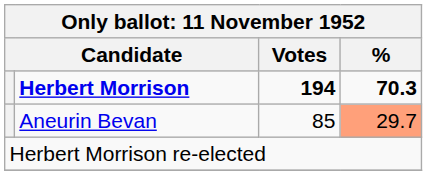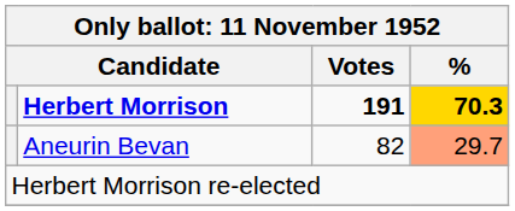 <table class=wikitable style="font-size:95%;">
 <tr>
 <th colspan="4">Only ballot: 11 November 1952</th>
 </tr>
 <tr>
 <th colspan="2" style="width: 170px">Candidate</th>
 <th style="width: 52px">Votes</th>
 <th style="width: 52px">%</th>
 </tr>
 <tr>
 <th style="background-color: "></th>
 <td style="width: 170px"><strong><a href='#'>Herbert Morrison</a></strong></td>
-<td align="right"><strong>194</strong></td>
-<td align="right"><strong>70.3</strong></td>
+<td align="right"><strong>191</strong></td>
+<td align="right" style="background: gold;"><strong>70.3</strong></td>
 </tr>
 <tr>
 <th style="background-color: "></th>
 <td style="width: 170px"><a href='#'>Aneurin Bevan</a></td>
-<td align="right">85</td>
+<td align="right">82</td>
 <td align="right" style="background: lightsalmon;">29.7</td>
 </tr>
 <tr>
 <td colspan="4">Herbert Morrison re-elected</td>
 </tr>
 <tr>
 </tr>
 </table>
